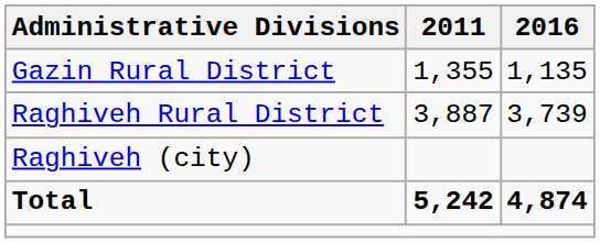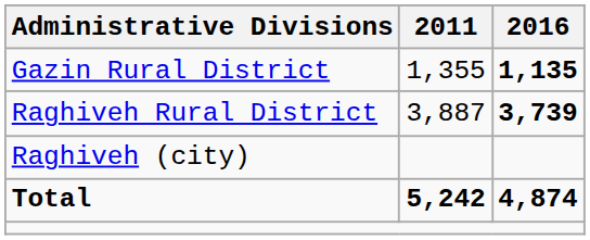 <table class="wikitable">
 <tr>
 <th>Administrative Divisions</th>
 <th>2011</th>
 <th>2016</th>
 </tr>
 <tr>
 <td><a href='#'>Gazin Rural District</a></td>
 <td style="text-align: right;">1,355</td>
-<td style="text-align: right;">1,135</td>
+<td style="text-align: right;"><strong>1,135</strong></td>
 </tr>
 <tr>
 <td><a href='#'>Raghiveh Rural District</a></td>
 <td style="text-align: right;">3,887</td>
-<td style="text-align: right;">3,739</td>
+<td style="text-align: right;"><strong>3,739</strong></td>
 </tr>
 <tr>
 <td><a href='#'>Raghiveh</a> (city)</td>
 <td style="text-align: right;"></td>
 <td style="text-align: right;"></td>
 </tr>
 <tr>
 <td><strong>Total</strong></td>
 <td style="text-align: right;"><strong>5,242</strong></td>
 <td style="text-align: right;"><strong>4,874</strong></td>
 </tr>
 <tr>
 <td colspan=3></td>
 </tr>
 </table>
